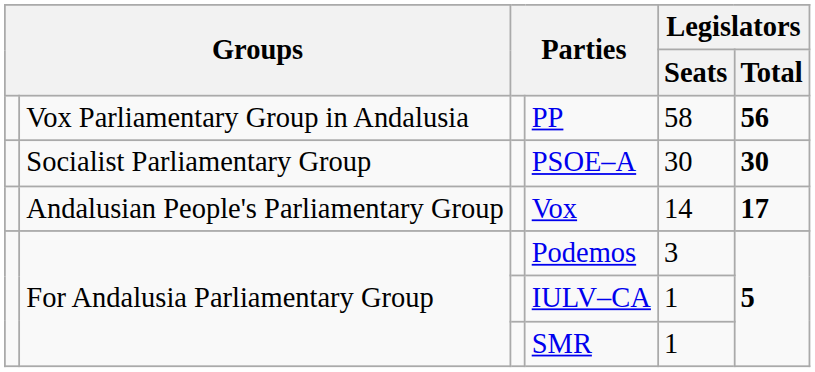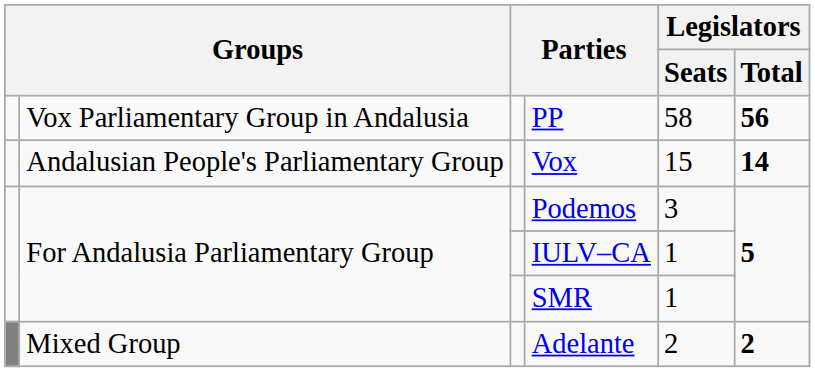 <table class="wikitable" style="text-align:left;">
 <tr>
 <th rowspan="2" colspan="2">Groups</th>
 <th rowspan="2" colspan="2">Parties</th>
 <th colspan="2">Legislators</th>
 </tr>
 <tr>
 <th>Seats</th>
 <th>Total</th>
 </tr>
 <tr>
 <td width="1" style="color:inherit;background:"></td>
 <td>Vox Parliamentary Group in Andalusia</td>
 <td width="1" style="color:inherit;background:"></td>
 <td><a href='#'>PP</a></td>
 <td>58</td>
 <td><strong>56</strong></td>
 </tr>
 <tr>
 <td style="color:inherit;background:"></td>
-<td>Socialist Parliamentary Group</td>
-<td style="color:inherit;background:"></td>
-<td><a href='#'>PSOE–A</a></td>
-<td>30</td>
-<td><strong>30</strong></td>
-</tr>
-<tr>
-<td style="color:inherit;background:"></td>
 <td>Andalusian People's Parliamentary Group</td>
 <td style="color:inherit;background:"></td>
 <td><a href='#'>Vox</a></td>
-<td>14</td>
-<td><strong>17</strong></td>
+<td>15</td>
+<td><strong>14</strong></td>
 </tr>
 <tr>
 <td rowspan="3" style="color:inherit;background:"></td>
 <td rowspan="3">For Andalusia Parliamentary Group</td>
 <td style="color:inherit;background:"></td>
 <td><a href='#'>Podemos</a></td>
 <td>3</td>
 <td rowspan="3"><strong>5</strong></td>
 </tr>
 <tr>
 <td style="color:inherit;background:"></td>
 <td><a href='#'>IULV–CA</a></td>
 <td>1</td>
 </tr>
 <tr>
 <td style="color:inherit;background:"></td>
 <td><a href='#'>SMR</a></td>
 <td>1</td>
 </tr>
+<tr>
+<td bgcolor="grey"></td>
+<td>Mixed Group</td>
+<td style="color:inherit;background:"></td>
+<td><a href='#'>Adelante</a></td>
+<td>2</td>
+<td><strong>2</strong></td>
+</tr>
 </table>
